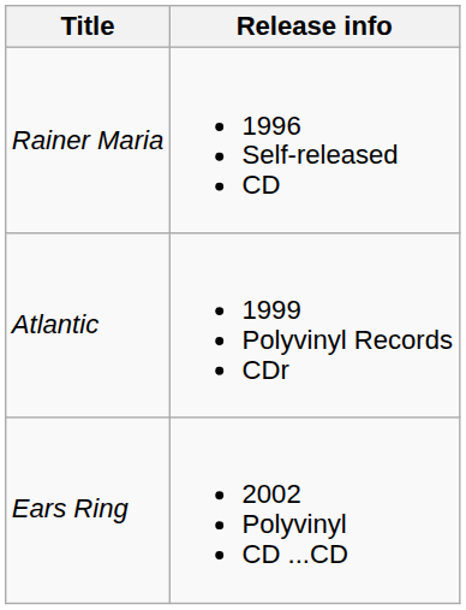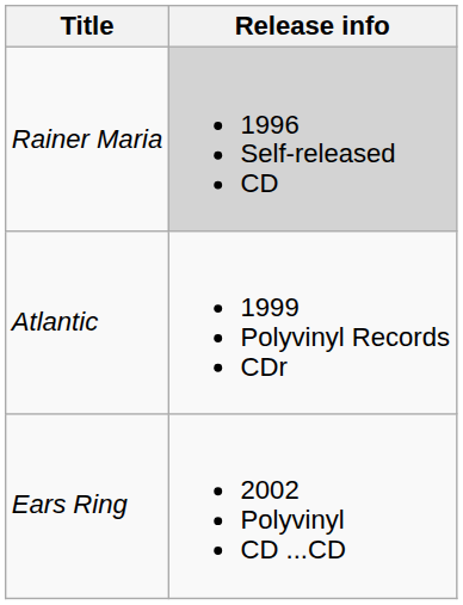 <table class="wikitable">
 <tr>
 <th>Title</th>
 <th>Release info</th>
 </tr>
 <tr>
 <td><em>Rainer Maria</em></td>
-<td><br><ul><li>1996</li><li>Self-released</li><li>CD</li></ul></td>
+<td style="background: lightgrey;"><br><ul><li>1996</li><li>Self-released</li><li>CD</li></ul></td>
 </tr>
 <tr>
 <td><em>Atlantic</em></td>
 <td><br><ul><li>1999</li><li>Polyvinyl Records</li><li>CDr</li></ul></td>
 </tr>
 <tr>
 <td><em>Ears Ring</em></td>
 <td><br><ul><li>2002</li><li>Polyvinyl</li><li>CD ...CD</li></ul></td>
 </tr>
 </table>
